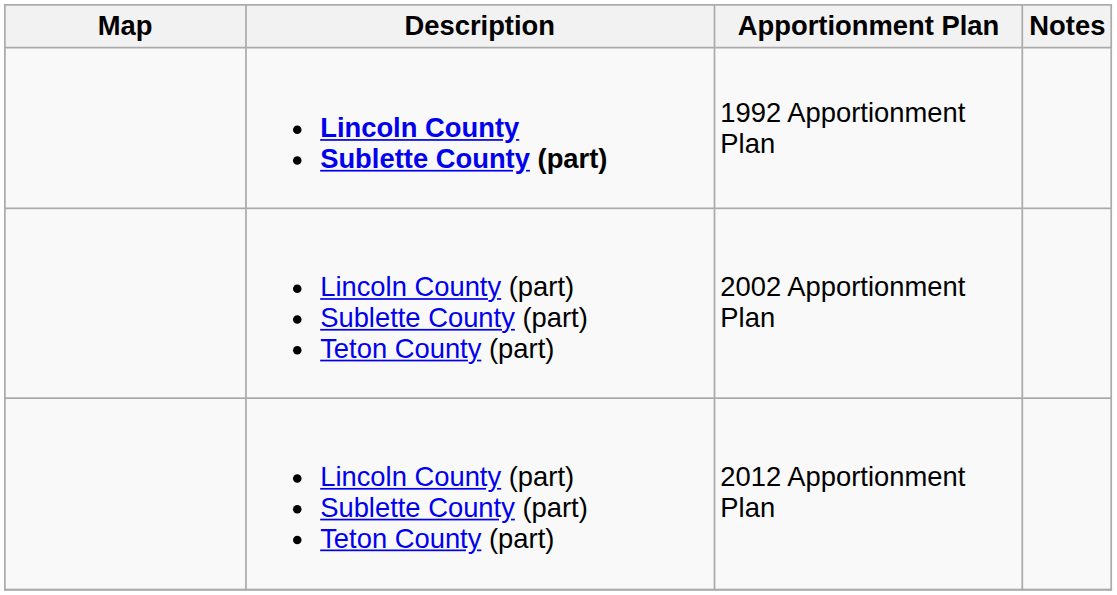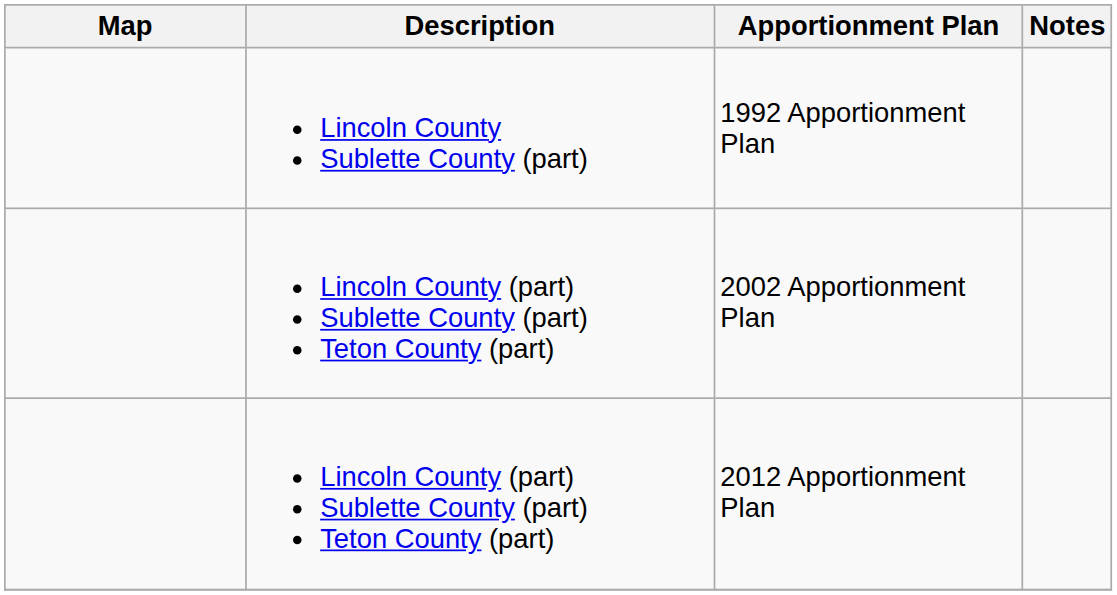 <table class="wikitable sortable">
 <tr>
 <th style="width:100pt;">Map</th>
 <th style="width:200pt;">Description</th>
 <th style="width:130pt;">Apportionment Plan</th>
 <th style="width:15pt;">Notes</th>
 </tr>
 <tr>
 <td></td>
-<td><strong><br><ul><li><a href='#'>Lincoln County</a></li><li><a href='#'>Sublette County</a> (part)</li></ul></strong></td>
+<td><br><ul><li><a href='#'>Lincoln County</a></li><li><a href='#'>Sublette County</a> (part)</li></ul></td>
 <td>1992 Apportionment Plan</td>
 <td></td>
 </tr>
 <tr>
 <td></td>
 <td><br><ul><li><a href='#'>Lincoln County</a> (part)</li><li><a href='#'>Sublette County</a> (part)</li><li><a href='#'>Teton County</a> (part)</li></ul></td>
 <td>2002 Apportionment Plan</td>
 <td></td>
 </tr>
 <tr>
 <td></td>
 <td><br><ul><li><a href='#'>Lincoln County</a> (part)</li><li><a href='#'>Sublette County</a> (part)</li><li><a href='#'>Teton County</a> (part)</li></ul></td>
 <td>2012 Apportionment Plan</td>
 <td></td>
 </tr>
 <tr>
 </tr>
 </table>
